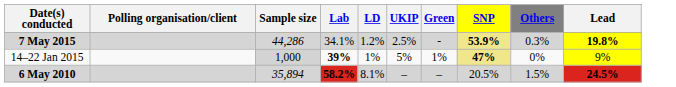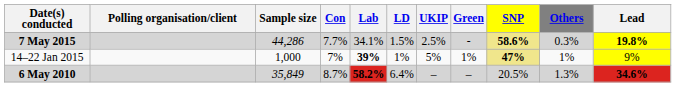 <table class="wikitable sortable" style="text-align:center;font-size:90%;line-height:14px">
 <tr>
 <th ! style="width:100px;">Date(s)<br>conducted</th>
 <th style="width:200px;">Polling organisation/client</th>
 <th class="unsortable" style="width:75px;">Sample size</th>
+<th class="unsortable" style="background:"><a href='#'><span>Con</span></a></th>
 <th class="unsortable" style="background:"><a href='#'><span>Lab</span></a></th>
 <th class="unsortable" style="background:"><a href='#'><span>LD</span></a></th>
 <th class="unsortable" style="background:"><a href='#'><span>UKIP</span></a></th>
 <th class="unsortable" style="background:"><a href='#'><span>Green</span></a></th>
 <th class="unsortable" style="background:#ffff00; width:60px;"><a href='#'><span>SNP</span></a></th>
 <th class="unsortable" style="background:gray; width:60px;"><a href='#'><span>Others</span></a></th>
 <th class="unsortable" style="width:90px;">Lead</th>
 </tr>
 <tr>
 <td style="background:#D5D5D5"><strong>7 May 2015</strong></td>
 <td style="background:#D5D5D5"></td>
 <td style="background:#D5D5D5"><em>44,286</em></td>
+<td style="background:#D5D5D5">7.7%</td>
 <td style="background:#D5D5D5">34.1%</td>
-<td style="background:#D5D5D5">1.2%</td>
+<td style="background:#D5D5D5">1.5%</td>
 <td style="background:#D5D5D5">2.5%</td>
 <td style="background:#D5D5D5">-</td>
-<td style="background:khaki"><strong>53.9%</strong></td>
+<td style="background:khaki"><strong>58.6%</strong></td>
 <td style="background:#D5D5D5">0.3%</td>
 <td style="background:#ffff00"><strong>19.8% </strong></td>
 </tr>
 <tr>
 <td>14–22 Jan 2015</td>
 <td> </td>
-<td style="background: lightgrey;">1,000</td>
+<td>1,000</td>
+<td>7%</td>
 <td><strong>39%</strong></td>
 <td>1%</td>
 <td>5%</td>
 <td>1%</td>
 <td style="background:khaki"><strong>47%</strong></td>
-<td>0%</td>
+<td>1%</td>
 <td style="background:#ff0"><span>9% </span></td>
 </tr>
 <tr>
 <td style="background:#D5D5D5"><strong>6 May 2010</strong></td>
 <td style="background:#D5D5D5"></td>
-<td style="background:#D5D5D5"><em>35,894</em></td>
+<td style="background:#D5D5D5"><em>35,849</em></td>
+<td style="background:#D5D5D5">8.7%</td>
 <td style="background:#dc241f"><span><strong>58.2%</strong></span></td>
-<td style="background:#D5D5D5">8.1%</td>
+<td style="background:#D5D5D5">6.4%</td>
 <td style="background:#D5D5D5">–</td>
 <td style="background:#D5D5D5">–</td>
 <td style="background:#D5D5D5">20.5%</td>
-<td style="background:#D5D5D5">1.5%</td>
-<td style="background:#dc241f"><span><strong>24.5% </strong></span></td>
+<td style="background:#D5D5D5">1.3%</td>
+<td style="background:#dc241f"><span><strong>34.6% </strong></span></td>
 </tr>
 </table>
